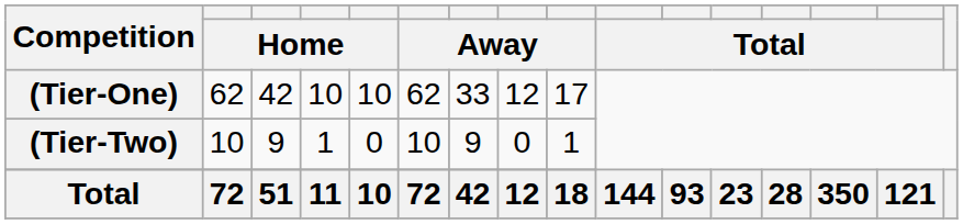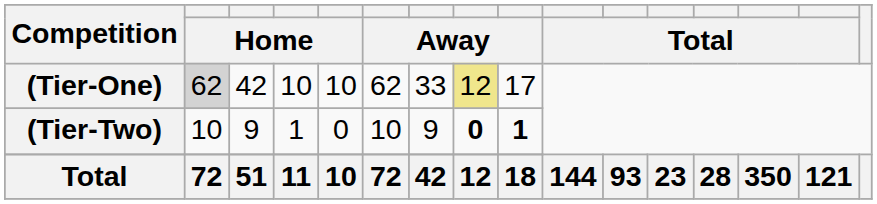 <table class="wikitable plainrowheaders sortable" style="text-align:center">
 <tr>
 <th scope="col" rowspan="2">Competition</th>
 <th scope="col"></th>
 <th scope="col"></th>
 <th scope="col"></th>
 <th scope="col"></th>
 <th scope="col"></th>
 <th scope="col"></th>
 <th scope="col"></th>
 <th scope="col"></th>
 <th scope="col"></th>
 <th scope="col"></th>
 <th scope="col"></th>
 <th scope="col"></th>
 <th scope="col"></th>
 <th scope="col"></th>
 <th scope="col" rowspan="2"></th>
 </tr>
 <tr class="unsortable">
 <th colspan="4">Home</th>
 <th colspan="4">Away</th>
 <th colspan="6">Total</th>
 </tr>
 <tr>
 <th scope="row" align=left> (Tier-One)</th>
-<td>62</td>
+<td style="background: lightgrey;">62</td>
 <td>42</td>
 <td>10</td>
 <td>10</td>
 <td>62</td>
 <td>33</td>
-<td>12</td>
+<td style="background: khaki;">12</td>
 <td>17<br></td>
 </tr>
 <tr>
 <th scope="row" align=left> (Tier-Two)</th>
 <td>10</td>
 <td>9</td>
 <td>1</td>
 <td>0</td>
 <td>10</td>
 <td>9</td>
-<td>0</td>
-<td>1<br></td>
+<td><strong>0</strong></td>
+<td><strong>1<br></strong></td>
 </tr>
 <tr>
 </tr>
 <tr class="sortbottom">
 <th>Total</th>
 <th>72</th>
 <th>51</th>
 <th>11</th>
 <th>10</th>
 <th>72</th>
 <th>42</th>
 <th>12</th>
 <th>18</th>
 <th>144</th>
 <th>93</th>
 <th>23</th>
 <th>28</th>
 <th>350</th>
 <th>121</th>
 <th><br></th>
 </tr>
 </table>
